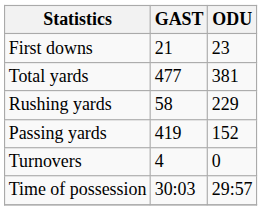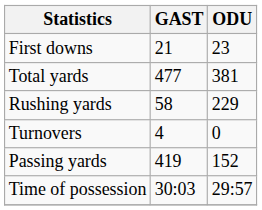 <table class="wikitable" style="float: left;">
 <tr>
 <th>Statistics</th>
 <th>GAST</th>
 <th>ODU</th>
 </tr>
 <tr>
 <td>First downs</td>
 <td>21</td>
 <td>23</td>
 </tr>
 <tr>
 <td>Total yards</td>
 <td>477</td>
 <td>381</td>
 </tr>
 <tr>
 <td>Rushing yards</td>
 <td>58</td>
 <td>229</td>
 </tr>
 <tr>
+<td>Turnovers</td>
+<td>4</td>
+<td>0</td>
+</tr>
+<tr>
 <td>Passing yards</td>
 <td>419</td>
 <td>152</td>
-</tr>
-<tr>
-<td>Turnovers</td>
-<td>4</td>
-<td>0</td>
 </tr>
 <tr>
 <td>Time of possession</td>
 <td>30:03</td>
 <td>29:57</td>
 </tr>
 <tr>
 </tr>
 </table>
